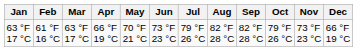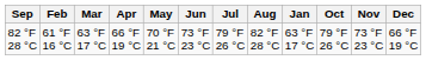 <table class="wikitable">
 <tr>
-<th>Jan</th>
+<th>Sep</th>
 <th>Feb</th>
 <th>Mar</th>
 <th>Apr</th>
 <th>May</th>
 <th>Jun</th>
 <th>Jul</th>
 <th>Aug</th>
-<th>Sep</th>
+<th>Jan</th>
 <th>Oct</th>
 <th>Nov</th>
 <th>Dec</th>
 </tr>
 <tr>
-<td>63 °F<br>17 °C</td>
+<td>82 °F<br>28 °C</td>
 <td>61 °F<br>16 °C</td>
 <td>63 °F<br>17 °C</td>
 <td>66 °F<br>19 °C</td>
 <td>70 °F<br>21 °C</td>
 <td>73 °F<br>23 °C</td>
 <td>79 °F<br>26 °C</td>
 <td>82 °F<br>28 °C</td>
-<td>82 °F<br>28 °C</td>
+<td>63 °F<br>17 °C</td>
 <td>79 °F<br>26 °C</td>
 <td>73 °F<br>23 °C</td>
 <td>66 °F<br>19 °C</td>
 </tr>
 </table>
